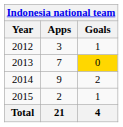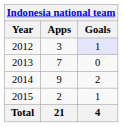 <table class="wikitable" style="text-align:center">
 <tr>
 <th colspan=3><a href='#'>Indonesia national team</a></th>
 </tr>
 <tr>
 <th>Year</th>
 <th>Apps</th>
 <th>Goals</th>
 </tr>
 <tr>
 <td>2012</td>
 <td>3</td>
-<td>1</td>
+<td style="background: lavender;">1</td>
 </tr>
 <tr>
 <td>2013</td>
 <td>7</td>
-<td style="background: gold;">0</td>
+<td>0</td>
 </tr>
 <tr>
 <td>2014</td>
 <td>9</td>
 <td>2</td>
 </tr>
 <tr>
 <td>2015</td>
 <td>2</td>
 <td>1</td>
 </tr>
 <tr>
 <th>Total</th>
 <th>21</th>
 <th>4</th>
 </tr>
 </table>
